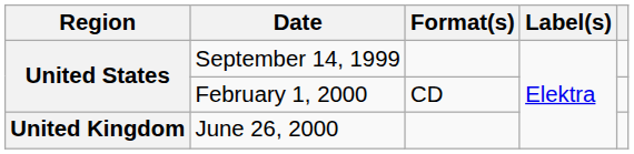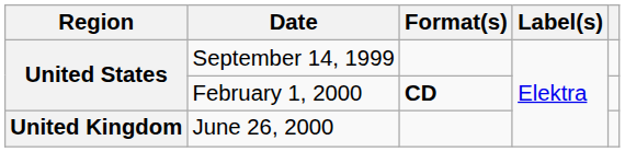 <table class="wikitable plainrowheaders">
 <tr>
 <th scope="col">Region</th>
 <th scope="col">Date</th>
 <th scope="col">Format(s)</th>
 <th scope="col">Label(s)</th>
 <th scope="col"></th>
 </tr>
 <tr>
 <th scope="row" rowspan="2">United States</th>
 <td>September 14, 1999</td>
 <td></td>
 <td rowspan="3"><a href='#'>Elektra</a></td>
 <td align="center"></td>
 </tr>
 <tr>
 <td>February 1, 2000</td>
-<td>CD</td>
+<td><strong>CD</strong></td>
 <td align="center"></td>
 </tr>
 <tr>
 <th scope="row">United Kingdom</th>
 <td>June 26, 2000</td>
 <td></td>
 <td align="center"></td>
 </tr>
 </table>
